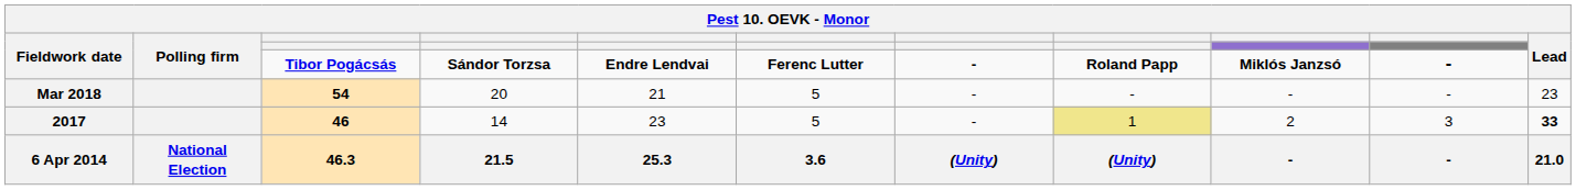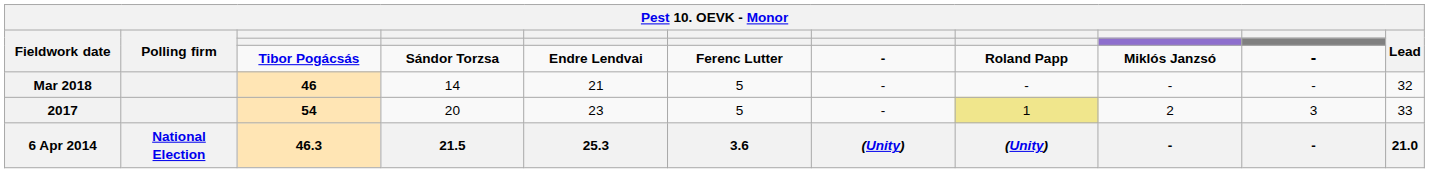 <table class="wikitable mw-collapsible mw-collapsed" style="text-align:center">
 <tr>
 <th colspan="11" style="width: 980pt;"><small><a href='#'>Pest</a> 10. OEVK - <a href='#'>Monor</a></small></th>
 </tr>
 <tr>
 <th rowspan="3" style="width: 80pt;"><small>Fieldwork</small> <small>date</small></th>
 <th rowspan="3" style="width: 80pt;"><strong><small>Polling</small> <small>firm</small></strong></th>
 <th style="width: 100pt;"><small></small></th>
 <th style="width: 100pt;"><small> </small></th>
 <th style="width: 100pt;"></th>
 <th style="width: 100pt;"></th>
 <th style="width: 100pt;"></th>
 <th style="width: 100pt;"></th>
 <th style="width: 100pt;"></th>
 <th style="width: 100pt;"></th>
 <th rowspan="3" style="width: 20pt;"><small>Lead</small></th>
 </tr>
 <tr>
 <th style="color:inherit;background:"></th>
 <th style="color:inherit;background:"></th>
 <th style="color:inherit;background:"></th>
 <th style="color:inherit;background:"></th>
 <th style="color:inherit;background:"></th>
 <th style="color:inherit;background:"></th>
 <th style="color:inherit;background:#8E6FCE;"></th>
 <th style="color:inherit;background:#808080;"></th>
 </tr>
 <tr>
 <td><a href='#'><small><strong>Tibor Pogácsás</strong></small></a></td>
 <td><small><strong>Sándor Torzsa</strong></small></td>
 <td><small><strong>Endre Lendvai</strong></small></td>
 <td><small><strong>Ferenc Lutter</strong></small></td>
 <td><small><strong>-</strong></small></td>
 <td><small><strong>Roland Papp</strong></small></td>
 <td><small><strong>Miklós Janzsó</strong></small></td>
 <td><strong>-</strong></td>
 </tr>
 <tr>
 <th><small>Mar 2018</small></th>
 <th><small></small></th>
-<td style="background:#FFE5B4"><small><strong>54</strong></small></td>
-<td><small>20</small></td>
+<td style="background:#FFE5B4"><small><strong>46</strong></small></td>
+<td><small>14</small></td>
 <td><small>21</small></td>
 <td><small>5</small></td>
 <td><small>-</small></td>
 <td><small>-</small></td>
 <td><small>-</small></td>
 <td><small>-</small></td>
-<td style="background:"><small>23</small></td>
+<td style="background:"><small>32</small></td>
 </tr>
 <tr>
 <th><small>2017</small></th>
 <th><small></small></th>
-<td style="background:#FFE5B4"><small><strong>46</strong></small></td>
-<td><small>14</small></td>
+<td style="background:#FFE5B4"><small><strong>54</strong></small></td>
+<td><small>20</small></td>
 <td><small>23</small></td>
 <td><small>5</small></td>
 <td><small>-</small></td>
 <td style="background: khaki;"><small>1</small></td>
 <td><small>2</small></td>
 <td><small>3</small></td>
-<td style="background:"><strong><small>33</small></strong></td>
+<td style="background:"><small>33</small></td>
 </tr>
 <tr>
 <th><small>6 Apr 2014</small></th>
 <th><a href='#'><small>National Election</small></a></th>
 <th style="background:#FFE5B4"><small><strong>46.3</strong></small></th>
 <th><small>21.5</small></th>
 <th><small>25.3</small></th>
 <th><small>3.6</small></th>
 <th><small><em>(<a href='#'>Unity</a>)</em></small></th>
 <th><small><em>(<a href='#'>Unity</a>)</em></small></th>
 <th><small>-</small></th>
 <th><small>-</small></th>
 <th style="background:"><small>21.0</small></th>
 </tr>
 </table>
